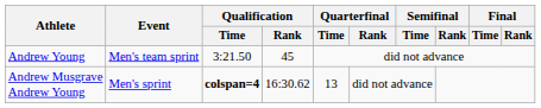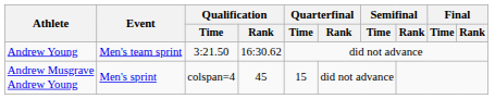 <table class="wikitable" style="font-size:90%">
 <tr>
 <th rowspan="2">Athlete</th>
 <th rowspan="2">Event</th>
 <th colspan="2">Qualification</th>
 <th colspan="2">Quarterfinal</th>
 <th colspan="2">Semifinal</th>
 <th colspan="2">Final</th>
 </tr>
 <tr style="font-size:95%">
 <th>Time</th>
 <th>Rank</th>
 <th>Time</th>
 <th>Rank</th>
 <th>Time</th>
 <th>Rank</th>
 <th>Time</th>
 <th>Rank</th>
 </tr>
 <tr align=center>
 <td align=left><a href='#'>Andrew Young</a></td>
 <td align=left><a href='#'>Men's team sprint</a></td>
 <td>3:21.50</td>
-<td>45</td>
+<td>16:30.62</td>
 <td colspan=6>did not advance</td>
 </tr>
 <tr align=center>
 <td align=left><a href='#'>Andrew Musgrave</a><br><a href='#'>Andrew Young</a></td>
 <td align=left><a href='#'>Men's sprint</a></td>
-<td><strong>colspan=4 </strong></td>
-<td>16:30.62</td>
-<td>13</td>
+<td>colspan=4 </td>
+<td>45</td>
+<td>15</td>
 <td colspan=2>did not advance</td>
 </tr>
 </table>
